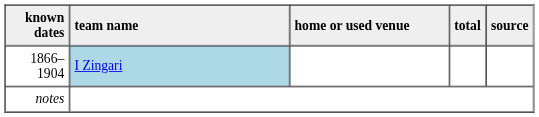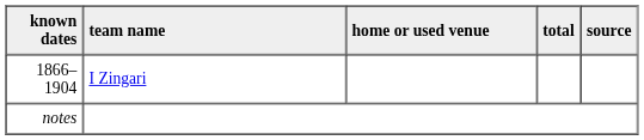 <table border="1" cellpadding="5" cellspacing="0">
 <tr style="background:#efefef;">
 <th style="width:12.5%; text-align:right;">known dates</th>
 <th style="width:45.0%; text-align:left;">team name</th>
 <th style="width:32.5%; text-align:left;">home or used venue</th>
 <th style="width:5.00%; text-align:right;">total</th>
 <th style="width:5.00%; text-align:right;">source</th>
 </tr>
 <tr>
 <td style="text-align:right;">1866–1904</td>
-<td style="background: lightblue;"><a href='#'>I Zingari</a></td>
+<td><a href='#'>I Zingari</a></td>
 <td></td>
 <td style="text-align:right;"></td>
 <td style="text-align:right;"></td>
 </tr>
 <tr>
 <td style="text-align:right;"><em>notes</em></td>
 <td colspan="4"></td>
 </tr>
 </table>
